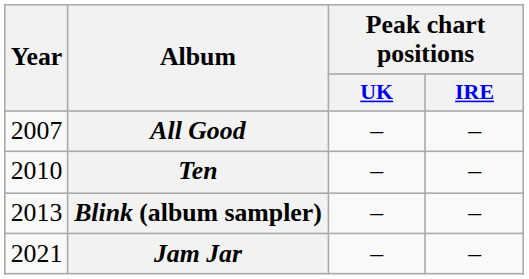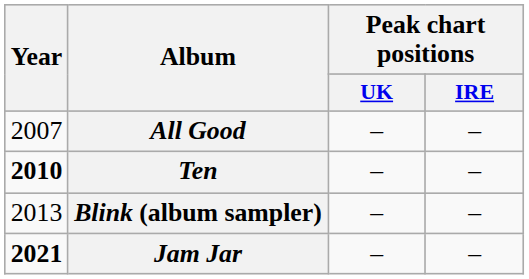 <table class="wikitable plainrowheaders" style="text-align:center;">
 <tr>
 <th scope="col" rowspan="2">Year</th>
 <th scope="col" rowspan="2">Album</th>
 <th scope="col" colspan="2">Peak chart<br>positions</th>
 </tr>
 <tr>
 <th style="width:4em;font-size:85%"><a href='#'>UK</a></th>
 <th style="width:4em;font-size:85%"><a href='#'>IRE</a></th>
 </tr>
 <tr>
 <td>2007</td>
 <th scope="row"><em>All Good</em></th>
 <td>–</td>
 <td>–</td>
 </tr>
 <tr>
-<td>2010</td>
+<td><strong>2010</strong></td>
 <th scope="row"><em>Ten</em></th>
 <td>–</td>
 <td>–</td>
 </tr>
 <tr>
 <td>2013</td>
 <th scope="row"><em>Blink</em> (album sampler)</th>
 <td>–</td>
 <td>–</td>
 </tr>
 <tr>
-<td>2021</td>
+<td><strong>2021</strong></td>
 <th scope="row"><em>Jam Jar</em></th>
 <td>–</td>
 <td>–</td>
 </tr>
 </table>
